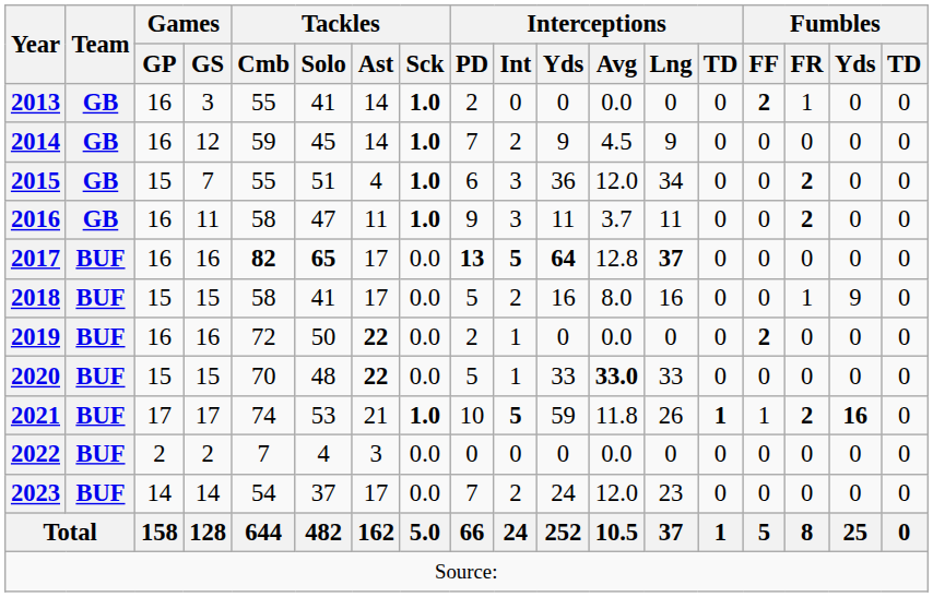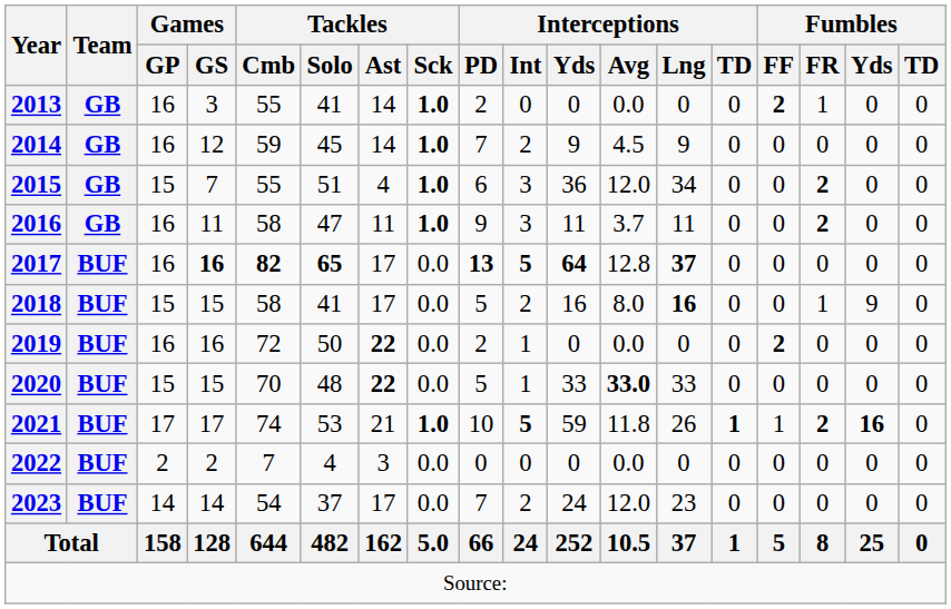 <table class=wikitable style="text-align:center;">
 <tr>
 <th rowspan="2">Year</th>
 <th rowspan="2">Team</th>
 <th colspan="2">Games</th>
 <th colspan="4">Tackles</th>
 <th colspan="6">Interceptions</th>
 <th colspan="4">Fumbles</th>
 </tr>
 <tr>
 <th>GP</th>
 <th>GS</th>
 <th>Cmb</th>
 <th>Solo</th>
 <th>Ast</th>
 <th>Sck</th>
 <th>PD</th>
 <th>Int</th>
 <th>Yds</th>
 <th>Avg</th>
 <th>Lng</th>
 <th>TD</th>
 <th>FF</th>
 <th>FR</th>
 <th>Yds</th>
 <th>TD</th>
 </tr>
 <tr>
 <th><a href='#'>2013</a></th>
 <th><a href='#'>GB</a></th>
 <td>16</td>
 <td>3</td>
 <td>55</td>
 <td>41</td>
 <td>14</td>
 <td><strong>1.0</strong></td>
 <td>2</td>
 <td>0</td>
 <td>0</td>
 <td>0.0</td>
 <td>0</td>
 <td>0</td>
 <td><strong>2</strong></td>
 <td>1</td>
 <td>0</td>
 <td>0</td>
 </tr>
 <tr>
 <th><a href='#'>2014</a></th>
 <th><a href='#'>GB</a></th>
 <td>16</td>
 <td>12</td>
 <td>59</td>
 <td>45</td>
 <td>14</td>
 <td><strong>1.0</strong></td>
 <td>7</td>
 <td>2</td>
 <td>9</td>
 <td>4.5</td>
 <td>9</td>
 <td>0</td>
 <td>0</td>
 <td>0</td>
 <td>0</td>
 <td>0</td>
 </tr>
 <tr>
 <th><a href='#'>2015</a></th>
 <th><a href='#'>GB</a></th>
 <td>15</td>
 <td>7</td>
 <td>55</td>
 <td>51</td>
 <td>4</td>
 <td><strong>1.0</strong></td>
 <td>6</td>
 <td>3</td>
 <td>36</td>
 <td>12.0</td>
 <td>34</td>
 <td>0</td>
 <td>0</td>
 <td><strong>2</strong></td>
 <td>0</td>
 <td>0</td>
 </tr>
 <tr>
 <th><a href='#'>2016</a></th>
 <th><a href='#'>GB</a></th>
 <td>16</td>
 <td>11</td>
 <td>58</td>
 <td>47</td>
 <td>11</td>
 <td><strong>1.0</strong></td>
 <td>9</td>
 <td>3</td>
 <td>11</td>
 <td>3.7</td>
 <td>11</td>
 <td>0</td>
 <td>0</td>
 <td><strong>2</strong></td>
 <td>0</td>
 <td>0</td>
 </tr>
 <tr>
 <th><a href='#'>2017</a></th>
 <th><a href='#'>BUF</a></th>
 <td>16</td>
-<td>16</td>
+<td><strong>16</strong></td>
 <td><strong>82</strong></td>
 <td><strong>65</strong></td>
 <td>17</td>
 <td>0.0</td>
 <td><strong>13</strong></td>
 <td><strong>5</strong></td>
 <td><strong>64</strong></td>
 <td>12.8</td>
 <td><strong>37</strong></td>
 <td>0</td>
 <td>0</td>
 <td>0</td>
 <td>0</td>
 <td>0</td>
 </tr>
 <tr>
 <th><a href='#'>2018</a></th>
 <th><a href='#'>BUF</a></th>
 <td>15</td>
 <td>15</td>
 <td>58</td>
 <td>41</td>
 <td>17</td>
 <td>0.0</td>
 <td>5</td>
 <td>2</td>
 <td>16</td>
 <td>8.0</td>
-<td>16</td>
+<td><strong>16</strong></td>
 <td>0</td>
 <td>0</td>
 <td>1</td>
 <td>9</td>
 <td>0</td>
 </tr>
 <tr>
 <th><a href='#'>2019</a></th>
 <th><a href='#'>BUF</a></th>
 <td>16</td>
 <td>16</td>
 <td>72</td>
 <td>50</td>
 <td><strong>22</strong></td>
 <td>0.0</td>
 <td>2</td>
 <td>1</td>
 <td>0</td>
 <td>0.0</td>
 <td>0</td>
 <td>0</td>
 <td><strong>2</strong></td>
 <td>0</td>
 <td>0</td>
 <td>0</td>
 </tr>
 <tr>
 <th><a href='#'>2020</a></th>
 <th><a href='#'>BUF</a></th>
 <td>15</td>
 <td>15</td>
 <td>70</td>
 <td>48</td>
 <td><strong>22</strong></td>
 <td>0.0</td>
 <td>5</td>
 <td>1</td>
 <td>33</td>
 <td><strong>33.0</strong></td>
 <td>33</td>
 <td>0</td>
 <td>0</td>
 <td>0</td>
 <td>0</td>
 <td>0</td>
 </tr>
 <tr>
 <th><a href='#'>2021</a></th>
 <th><a href='#'>BUF</a></th>
 <td>17</td>
 <td>17</td>
 <td>74</td>
 <td>53</td>
 <td>21</td>
 <td><strong>1.0</strong></td>
 <td>10</td>
 <td><strong>5</strong></td>
 <td>59</td>
 <td>11.8</td>
 <td>26</td>
 <td><strong>1</strong></td>
 <td>1</td>
 <td><strong>2</strong></td>
 <td><strong>16</strong></td>
 <td>0</td>
 </tr>
 <tr>
 <th><a href='#'>2022</a></th>
 <th><a href='#'>BUF</a></th>
 <td>2</td>
 <td>2</td>
 <td>7</td>
 <td>4</td>
 <td>3</td>
 <td>0.0</td>
 <td>0</td>
 <td>0</td>
 <td>0</td>
 <td>0.0</td>
 <td>0</td>
 <td>0</td>
 <td>0</td>
 <td>0</td>
 <td>0</td>
 <td>0</td>
 </tr>
 <tr>
 <th><a href='#'>2023</a></th>
 <th><a href='#'>BUF</a></th>
 <td>14</td>
 <td>14</td>
 <td>54</td>
 <td>37</td>
 <td>17</td>
 <td>0.0</td>
 <td>7</td>
 <td>2</td>
 <td>24</td>
 <td>12.0</td>
 <td>23</td>
 <td>0</td>
 <td>0</td>
 <td>0</td>
 <td>0</td>
 <td>0</td>
 </tr>
 <tr>
 <th colspan="2">Total</th>
 <th>158</th>
 <th>128</th>
 <th>644</th>
 <th>482</th>
 <th>162</th>
 <th>5.0</th>
 <th>66</th>
 <th>24</th>
 <th>252</th>
 <th>10.5</th>
 <th>37</th>
 <th>1</th>
 <th>5</th>
 <th>8</th>
 <th>25</th>
 <th>0</th>
 </tr>
 <tr>
 <td colspan="18"><small>Source: </small></td>
 </tr>
 </table>
